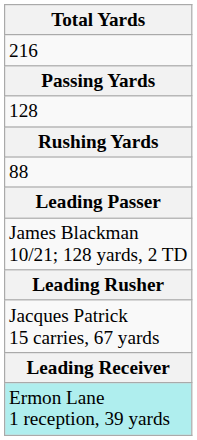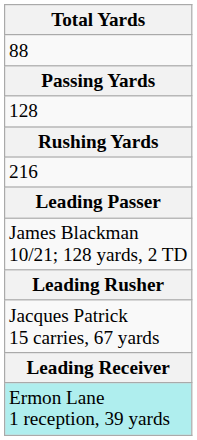 <table class="wikitable">
 <tr>
 <th>Total Yards</th>
 </tr>
 <tr>
-<td>216</td>
+<td>88</td>
 </tr>
 <tr>
 <th>Passing Yards</th>
 </tr>
 <tr>
 <td>128</td>
 </tr>
 <tr>
 <th>Rushing Yards</th>
 </tr>
 <tr>
-<td>88</td>
+<td>216</td>
 </tr>
 <tr>
 <th>Leading Passer</th>
 </tr>
 <tr>
 <td>James Blackman<br>10/21; 128 yards, 2 TD</td>
 </tr>
 <tr>
 <th>Leading Rusher</th>
 </tr>
 <tr>
 <td>Jacques Patrick<br>15 carries, 67 yards</td>
 </tr>
 <tr>
 <th>Leading Receiver</th>
 </tr>
 <tr>
 <td style="background: paleturquoise;">Ermon Lane<br>1 reception, 39 yards</td>
 </tr>
 </table>
